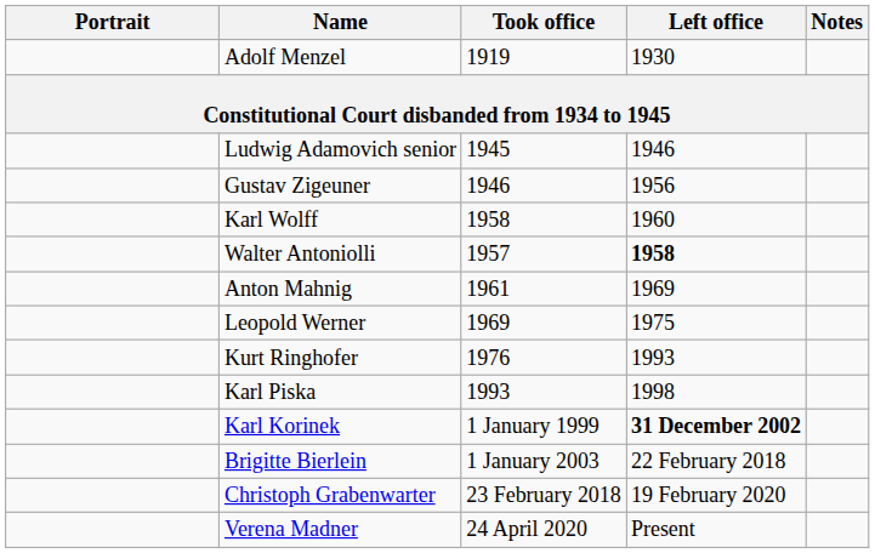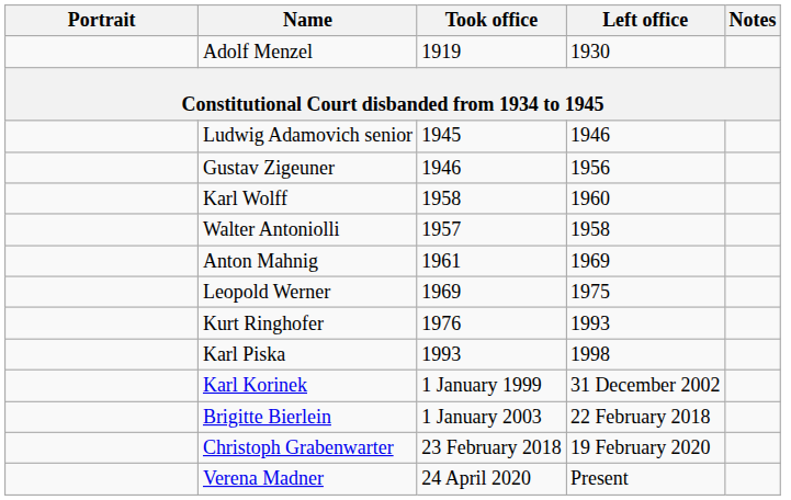 <table class="wikitable" style="border:#555;">
 <tr>
 <th class="unsortable" style="width:150px;">Portrait</th>
 <th>Name</th>
 <th>Took office</th>
 <th>Left office</th>
 <th>Notes</th>
 </tr>
 <tr>
 <td></td>
 <td>Adolf Menzel</td>
 <td>1919</td>
 <td>1930</td>
 <td></td>
 </tr>
 <tr>
 <th colspan=8><br>Constitutional Court disbanded from 1934 to 1945</th>
 </tr>
 <tr>
 <td></td>
 <td>Ludwig Adamovich senior</td>
 <td>1945</td>
 <td>1946</td>
 <td></td>
 </tr>
 <tr>
 <td></td>
 <td>Gustav Zigeuner</td>
 <td>1946</td>
 <td>1956</td>
 <td></td>
 </tr>
 <tr>
 <td></td>
 <td>Karl Wolff</td>
 <td>1958</td>
 <td>1960</td>
 <td></td>
 </tr>
 <tr>
 <td></td>
 <td>Walter Antoniolli</td>
 <td>1957</td>
-<td><strong>1958</strong></td>
+<td>1958</td>
 <td></td>
 </tr>
 <tr>
 <td></td>
 <td>Anton Mahnig</td>
 <td>1961</td>
 <td>1969</td>
 <td></td>
 </tr>
 <tr>
 <td></td>
 <td>Leopold Werner</td>
 <td>1969</td>
 <td>1975</td>
 <td></td>
 </tr>
 <tr>
 <td></td>
 <td>Kurt Ringhofer</td>
 <td>1976</td>
 <td>1993</td>
 <td></td>
 </tr>
 <tr>
 <td></td>
 <td>Karl Piska</td>
 <td>1993</td>
 <td>1998</td>
 <td></td>
 </tr>
 <tr>
 <td></td>
 <td><a href='#'>Karl Korinek</a></td>
 <td>1 January 1999</td>
-<td><strong>31 December 2002</strong></td>
+<td>31 December 2002</td>
 <td></td>
 </tr>
 <tr>
 <td></td>
 <td><a href='#'>Brigitte Bierlein</a></td>
 <td>1 January 2003</td>
 <td>22 February 2018</td>
 <td></td>
 </tr>
 <tr>
 <td></td>
 <td><a href='#'>Christoph Grabenwarter</a></td>
 <td>23 February 2018</td>
 <td>19 February 2020</td>
 <td></td>
 </tr>
 <tr>
 <td></td>
 <td><a href='#'>Verena Madner</a></td>
 <td>24 April 2020</td>
 <td>Present</td>
 <td></td>
 </tr>
 </table>
